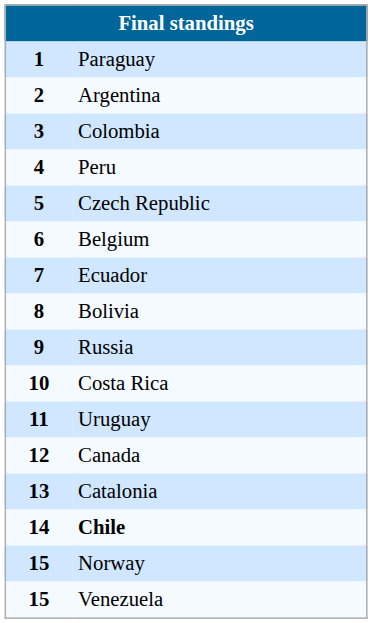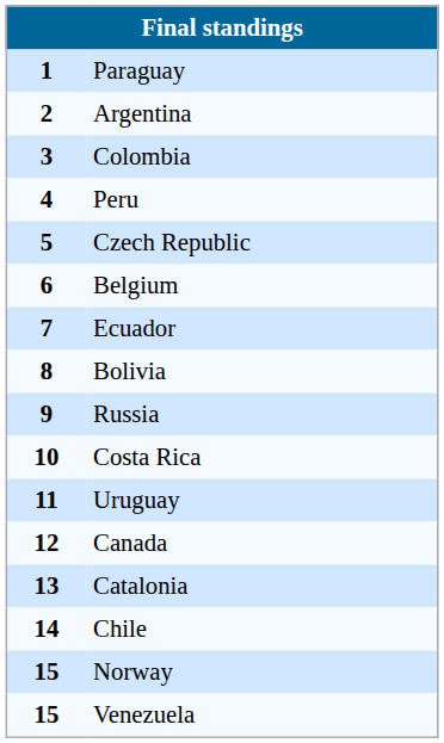 <table align=center cellpadding="4" cellspacing="0" style="background: #f9f9f9; border: 1px #aaa solid; border-collapse: collapse; font-size: 90%;" width=20%>
 <tr align=center bgcolor=#006699 style="color:white;">
 <th width=100% colspan=2>Final standings</th>
 </tr>
 <tr align=center bgcolor=#D0E7FF>
 <td><strong>1</strong></td>
 <td align=left> Paraguay</td>
 </tr>
 <tr align=center bgcolor=#F5FAFF>
 <td><strong>2</strong></td>
 <td align=left> Argentina</td>
 </tr>
 <tr align=center bgcolor=#D0E7FF>
 <td><strong>3</strong></td>
 <td align=left> Colombia</td>
 </tr>
 <tr align=center bgcolor=#F5FAFF>
 <td><strong>4</strong></td>
 <td align=left> Peru</td>
 </tr>
 <tr align=center bgcolor=#D0E7FF>
 <td><strong>5</strong></td>
 <td align=left> Czech Republic</td>
 </tr>
 <tr align=center bgcolor=#F5FAFF>
 <td><strong>6</strong></td>
 <td align=left> Belgium</td>
 </tr>
 <tr align=center bgcolor=#D0E7FF>
 <td><strong>7</strong></td>
 <td align=left> Ecuador</td>
 </tr>
 <tr align=center bgcolor=#F5FAFF>
 <td><strong>8</strong></td>
 <td align=left> Bolivia</td>
 </tr>
 <tr align=center bgcolor=#D0E7FF>
 <td><strong>9</strong></td>
 <td align=left> Russia</td>
 </tr>
 <tr align=center bgcolor=#F5FAFF>
 <td><strong>10</strong></td>
 <td align=left> Costa Rica</td>
 </tr>
 <tr align=center bgcolor=#D0E7FF>
 <td><strong>11</strong></td>
 <td align=left> Uruguay</td>
 </tr>
 <tr align=center bgcolor=#F5FAFF>
 <td><strong>12</strong></td>
 <td align=left> Canada</td>
 </tr>
 <tr align=center bgcolor=#D0E7FF>
 <td><strong>13</strong></td>
 <td align=left> Catalonia</td>
 </tr>
 <tr align=center bgcolor=#F5FAFF>
 <td><strong>14</strong></td>
-<td align=left><strong> Chile</strong></td>
+<td align=left> Chile</td>
 </tr>
 <tr align=center bgcolor=#D0E7FF>
 <td><strong>15</strong></td>
 <td align=left> Norway</td>
 </tr>
 <tr align=center bgcolor=#F5FAFF>
 <td><strong>15</strong></td>
 <td align=left> Venezuela</td>
 </tr>
 </table>
